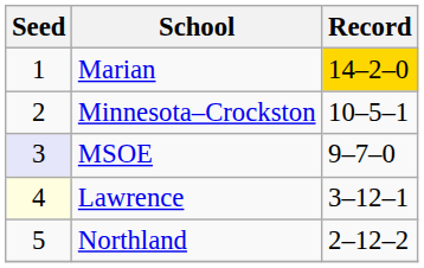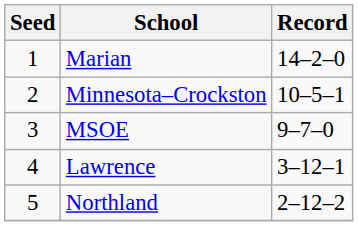 <table class="wikitable">
 <tr>
 <th>Seed</th>
 <th>School</th>
 <th>Record</th>
 </tr>
 <tr>
 <td align=center>1</td>
 <td><a href='#'>Marian</a></td>
-<td style="background: gold;">14–2–0</td>
+<td>14–2–0</td>
 </tr>
 <tr>
 <td align=center>2</td>
 <td><a href='#'>Minnesota–Crockston</a></td>
 <td>10–5–1</td>
 </tr>
 <tr>
-<td align=center style="background: lavender;">3</td>
+<td align=center>3</td>
 <td><a href='#'>MSOE</a></td>
 <td>9–7–0</td>
 </tr>
 <tr>
-<td align=center style="background: lightyellow;">4</td>
+<td align=center>4</td>
 <td><a href='#'>Lawrence</a></td>
 <td>3–12–1</td>
 </tr>
 <tr>
 <td align=center>5</td>
 <td><a href='#'>Northland</a></td>
 <td>2–12–2</td>
 </tr>
 <tr>
 </tr>
 </table>
